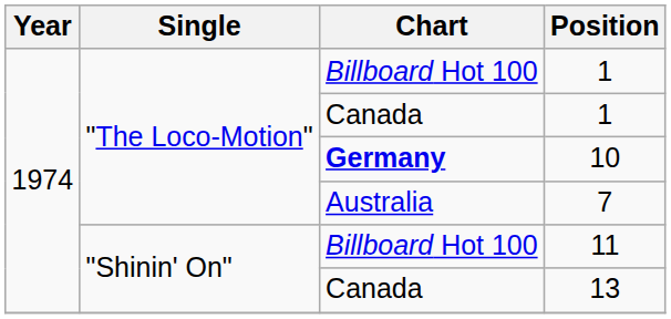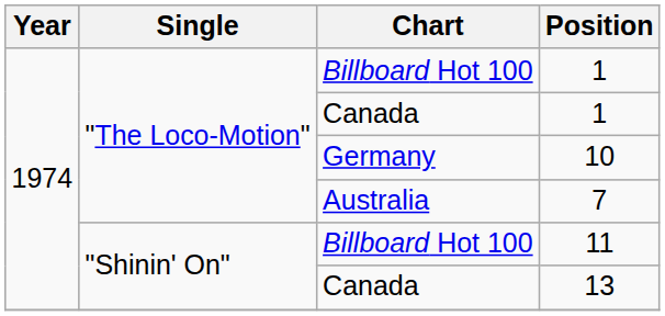 <table class="wikitable">
 <tr>
 <th>Year</th>
 <th>Single</th>
 <th>Chart</th>
 <th>Position</th>
 </tr>
 <tr>
 <td rowspan="6">1974</td>
 <td rowspan="4">"<a href='#'>The Loco-Motion</a>"</td>
 <td><a href='#'><em>Billboard</em> Hot 100</a></td>
 <td align="center">1</td>
 </tr>
 <tr>
 <td>Canada</td>
 <td align="center">1</td>
 </tr>
 <tr>
-<td><strong><a href='#'>Germany</a></strong></td>
+<td><a href='#'>Germany</a></td>
 <td align="center">10</td>
 </tr>
 <tr>
 <td><a href='#'>Australia</a></td>
 <td align="center">7</td>
 </tr>
 <tr>
 <td rowspan="2">"Shinin' On"</td>
 <td><a href='#'><em>Billboard</em> Hot 100</a></td>
 <td align="center">11</td>
 </tr>
 <tr>
 <td>Canada</td>
 <td align="center">13</td>
 </tr>
 <tr>
 </tr>
 </table>
